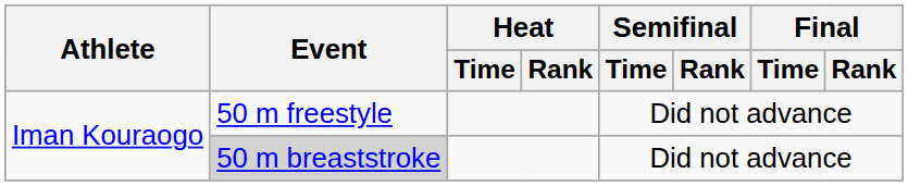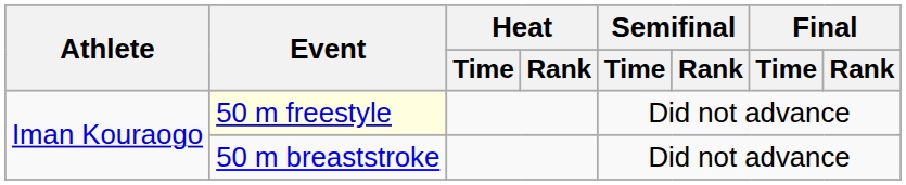 <table class="wikitable" style="text-align:center; font-size:90%">
 <tr>
 <th rowspan="2">Athlete</th>
 <th rowspan="2">Event</th>
 <th colspan="2">Heat</th>
 <th colspan="2">Semifinal</th>
 <th colspan="2">Final</th>
 </tr>
 <tr style="font-size:95%">
 <th>Time</th>
 <th>Rank</th>
 <th>Time</th>
 <th>Rank</th>
 <th>Time</th>
 <th>Rank</th>
 </tr>
 <tr>
 <td rowspan=2 align=left><a href='#'>Iman Kouraogo</a></td>
-<td align=left><a href='#'>50 m freestyle</a></td>
+<td align=left style="background: lightyellow;"><a href='#'>50 m freestyle</a></td>
 <td colspan=2></td>
 <td colspan=4>Did not advance</td>
 </tr>
 <tr>
-<td align=left style="background: lightgrey;"><a href='#'>50 m breaststroke</a></td>
+<td align=left><a href='#'>50 m breaststroke</a></td>
 <td colspan=2></td>
 <td colspan=4>Did not advance</td>
 </tr>
 </table>
